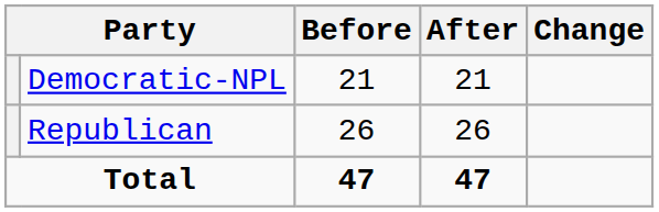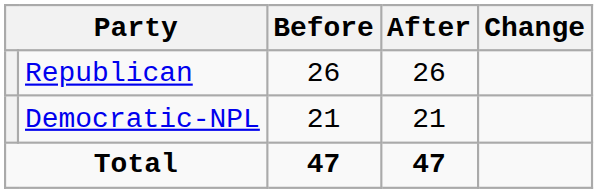 <table class="wikitable" style="text-align:center;">
 <tr>
 <th colspan="2">Party</th>
 <th>Before</th>
 <th>After</th>
 <th>Change</th>
 </tr>
 <tr>
 <th style="background-color:"></th>
-<td style="text-align:left;"><a href='#'>Democratic-NPL</a></td>
-<td>21</td>
-<td>21</td>
+<td style="text-align:left;"><a href='#'>Republican</a></td>
+<td>26</td>
+<td>26</td>
 <td></td>
 </tr>
 <tr>
 <th style="background-color:"></th>
-<td style="text-align:left;"><a href='#'>Republican</a></td>
-<td>26</td>
-<td>26</td>
+<td style="text-align:left;"><a href='#'>Democratic-NPL</a></td>
+<td>21</td>
+<td>21</td>
 <td></td>
 </tr>
 <tr>
 <td colspan="2"><strong>Total</strong></td>
 <td><strong>47</strong></td>
 <td><strong>47</strong></td>
 <td></td>
 </tr>
 </table>
